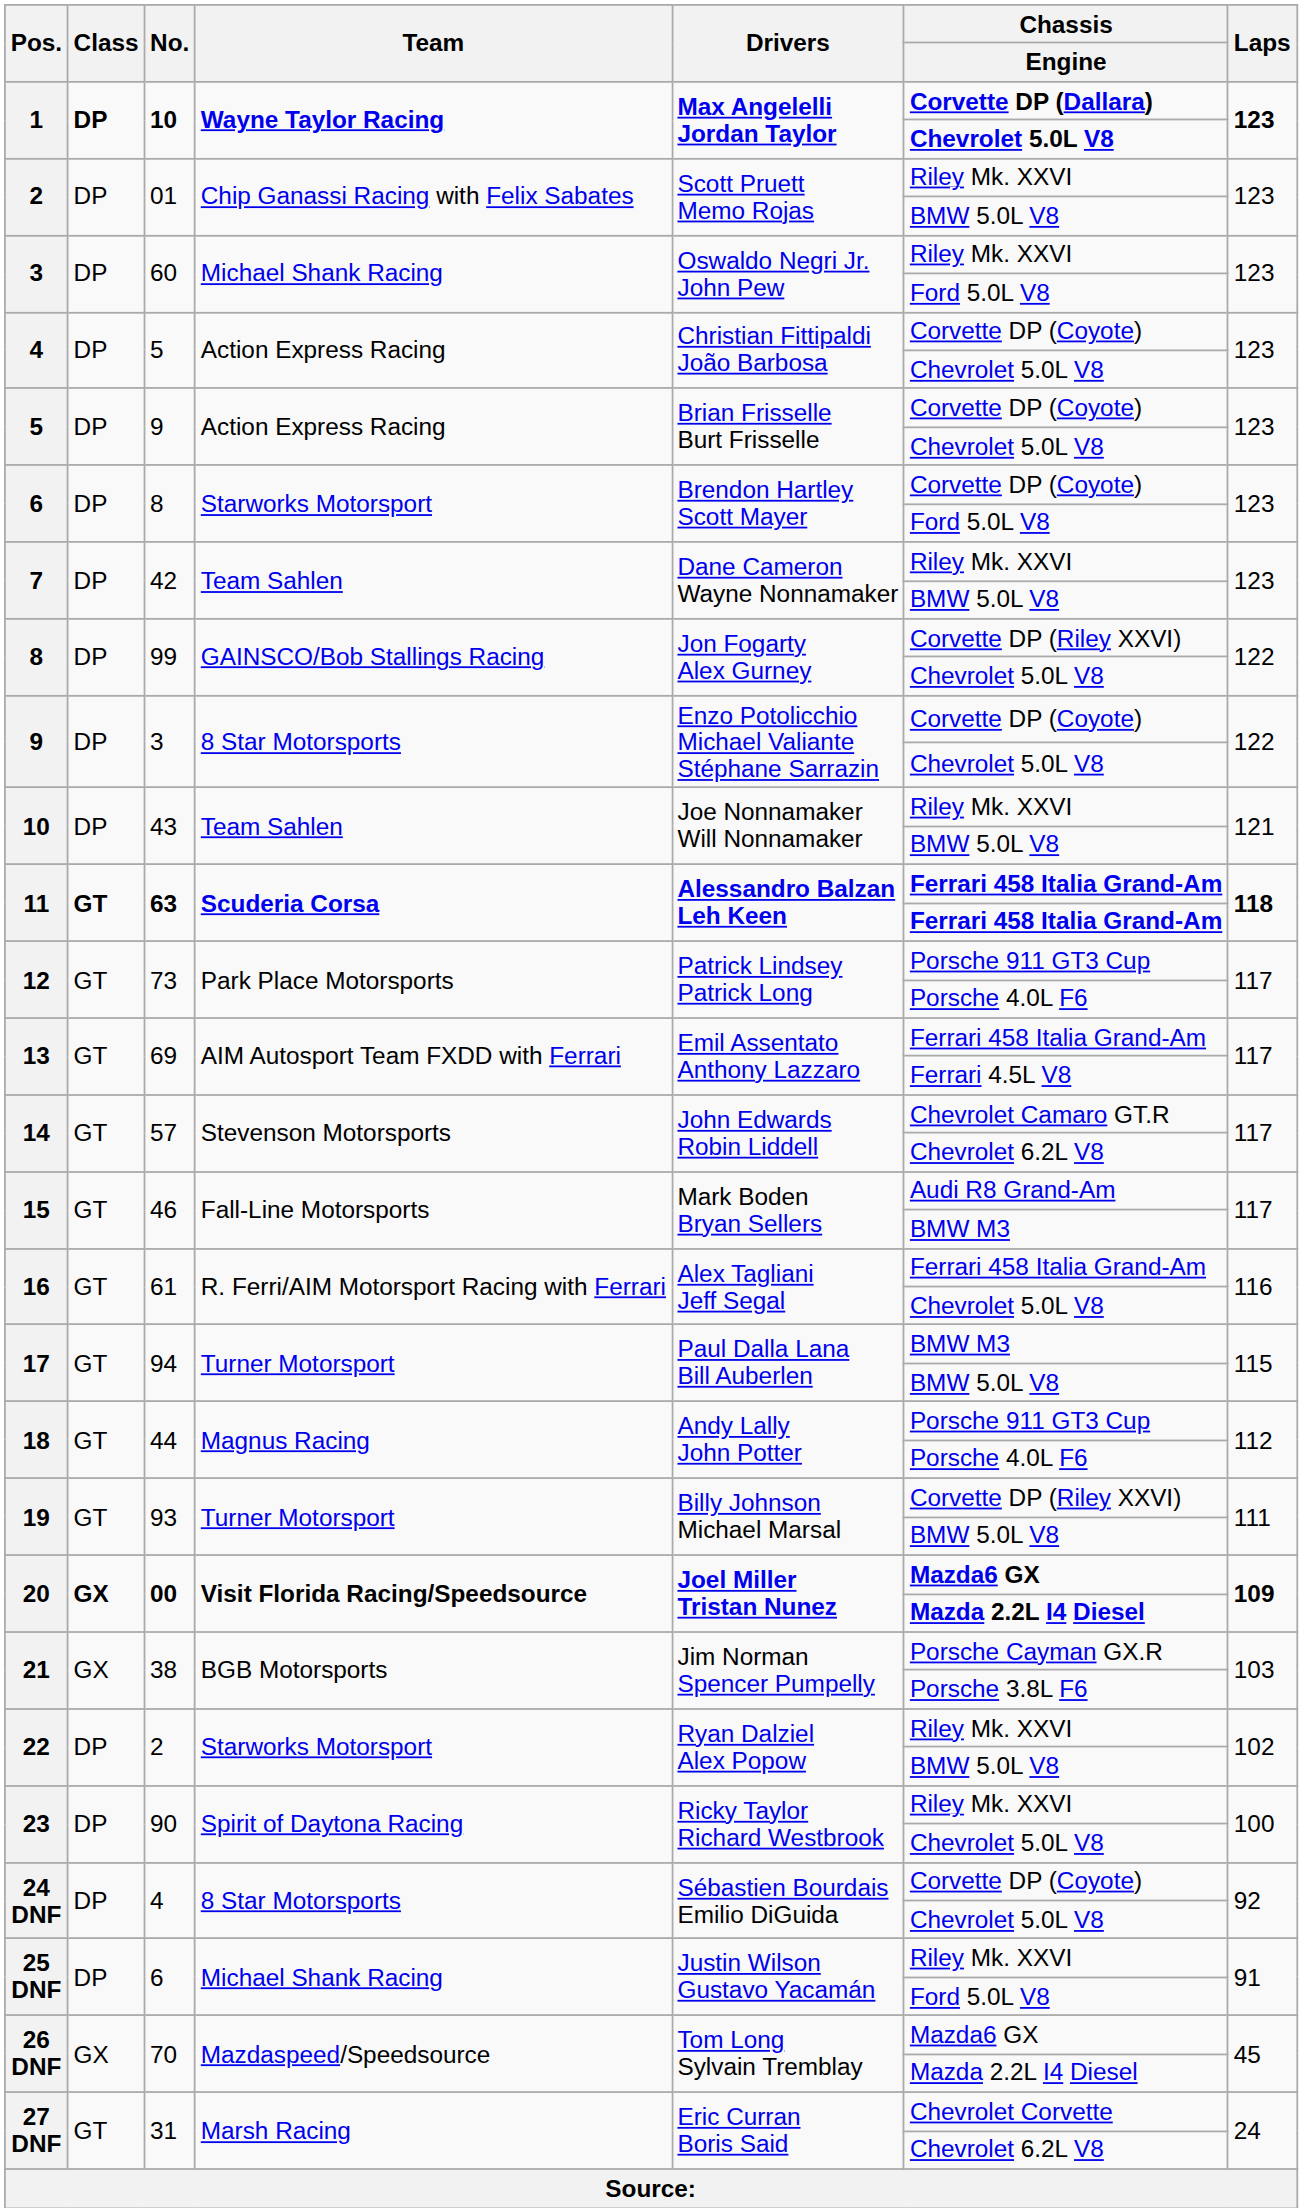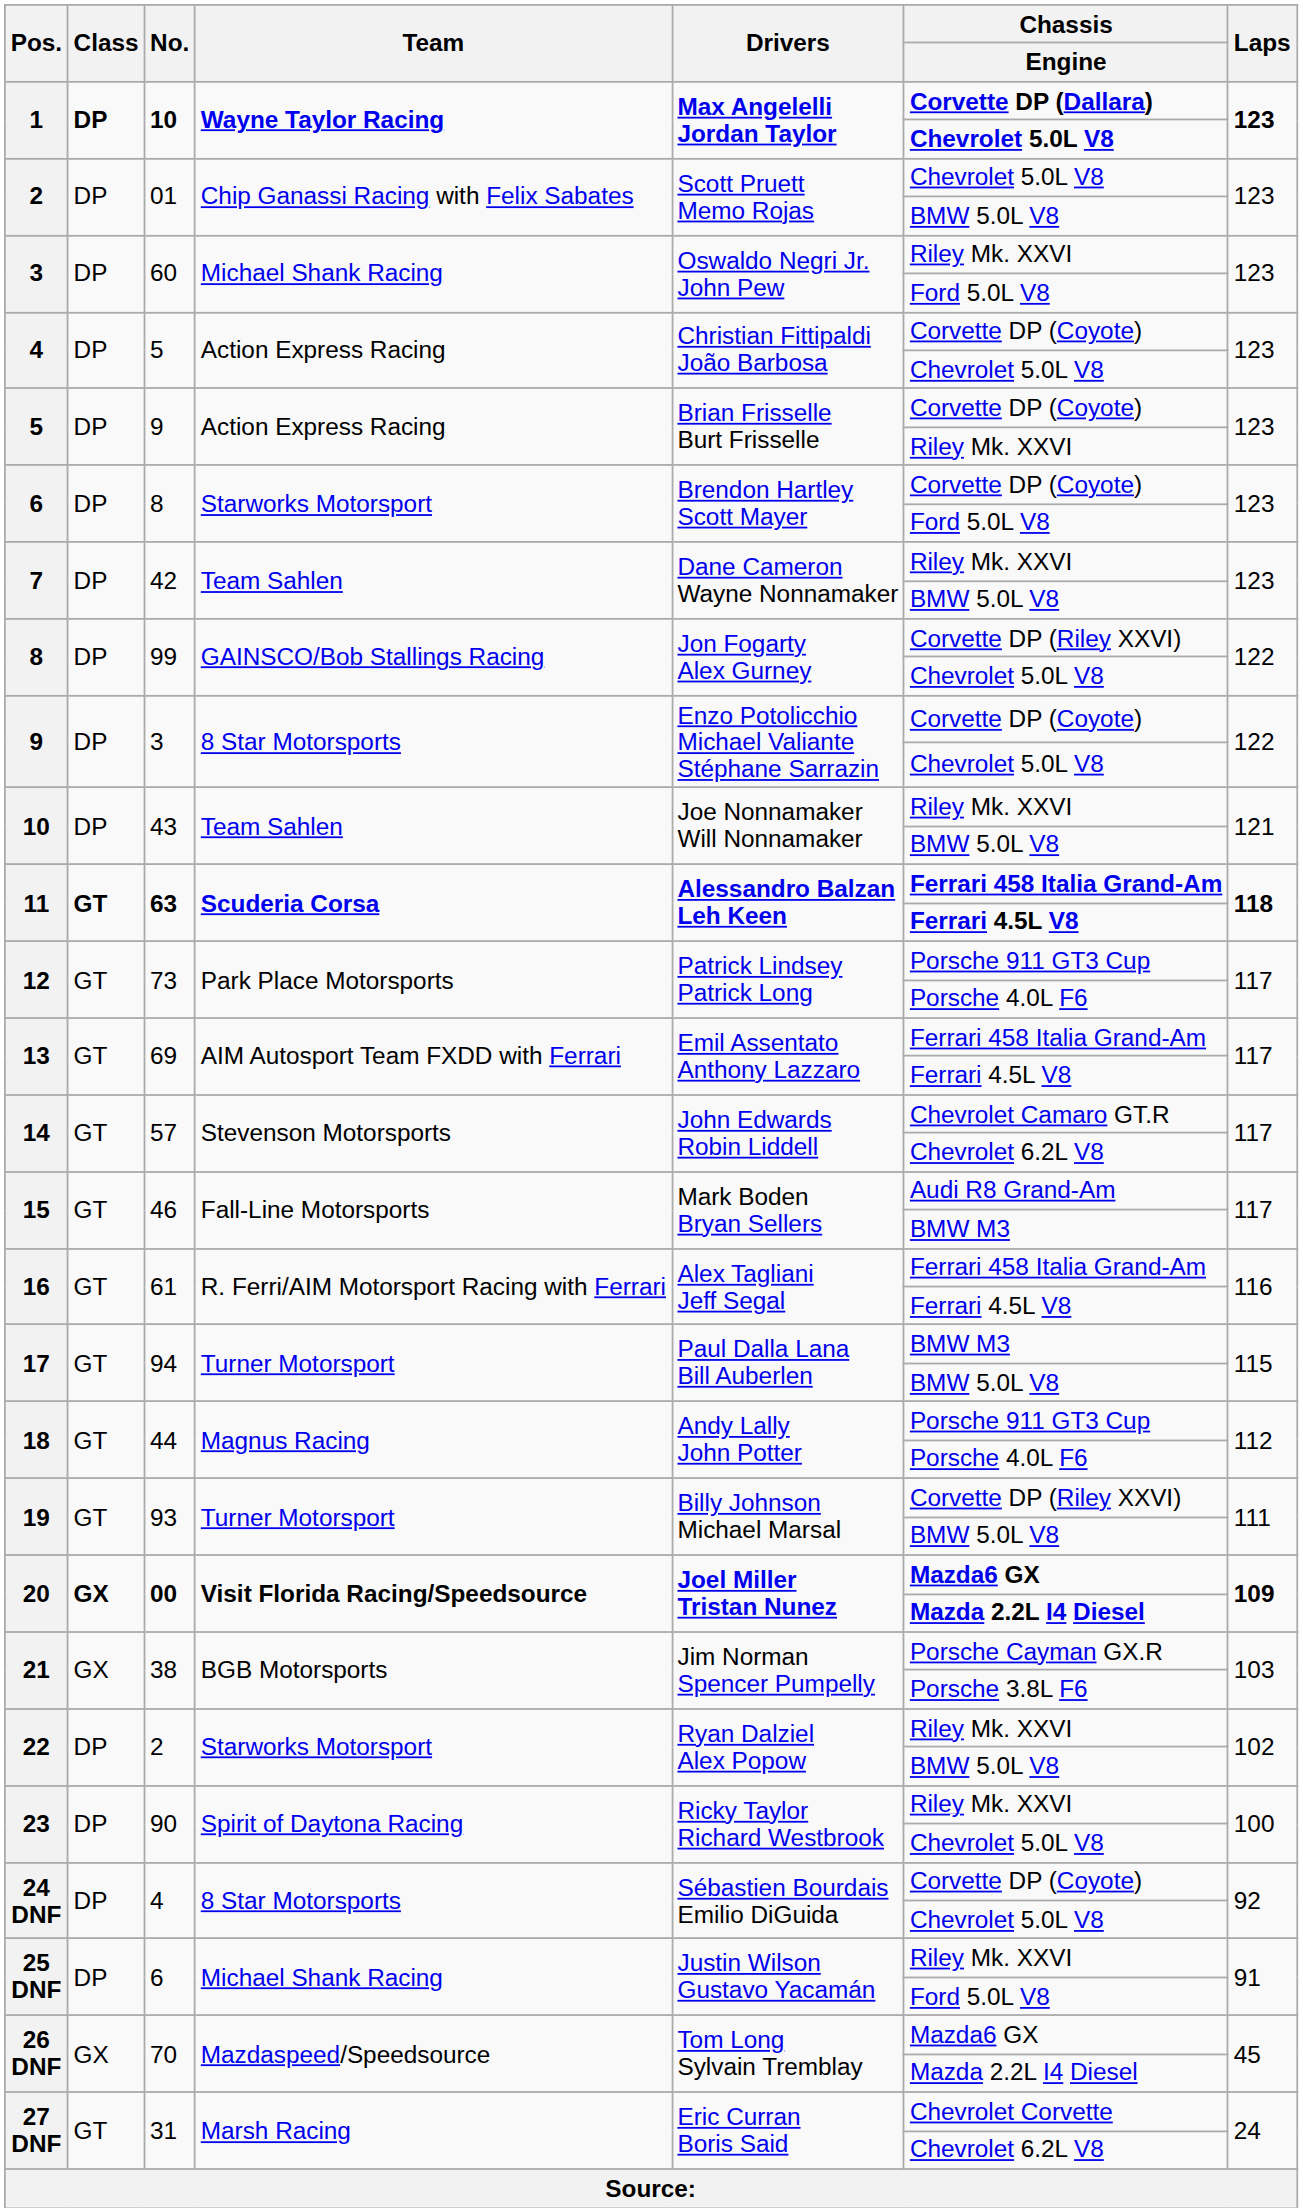 <table class="wikitable" style="font-size: 85%;">
 <tr>
 <th rowspan="2">Pos.</th>
 <th rowspan="2">Class</th>
 <th rowspan="2">No.</th>
 <th rowspan="2">Team</th>
 <th rowspan="2">Drivers</th>
 <th>Chassis</th>
 <th rowspan="2">Laps</th>
 </tr>
 <tr>
 <th>Engine</th>
 </tr>
 <tr>
 <th rowspan="2">1</th>
 <td rowspan="2"><strong>DP</strong></td>
 <td rowspan="2"><strong>10</strong></td>
 <td rowspan="2"><strong> <a href='#'>Wayne Taylor Racing</a></strong></td>
 <td rowspan="2"><strong> <a href='#'>Max Angelelli</a><br> <a href='#'>Jordan Taylor</a></strong></td>
 <td><strong><a href='#'>Corvette</a> DP (<a href='#'>Dallara</a>)</strong></td>
 <td rowspan="2"><strong>123</strong></td>
 </tr>
 <tr>
 <td><strong><a href='#'>Chevrolet</a> 5.0L <a href='#'>V8</a></strong></td>
 </tr>
 <tr>
 <th rowspan="2">2</th>
 <td rowspan="2">DP</td>
 <td rowspan="2">01</td>
 <td rowspan="2"> <a href='#'>Chip Ganassi Racing</a> with <a href='#'>Felix Sabates</a></td>
 <td rowspan="2"> <a href='#'>Scott Pruett</a><br> <a href='#'>Memo Rojas</a></td>
-<td><a href='#'>Riley</a> Mk. XXVI</td>
+<td><a href='#'>Chevrolet</a> 5.0L <a href='#'>V8</a></td>
 <td rowspan="2">123</td>
 </tr>
 <tr>
 <td><a href='#'>BMW</a> 5.0L <a href='#'>V8</a></td>
 </tr>
 <tr>
 <th rowspan="2">3</th>
 <td rowspan="2">DP</td>
 <td rowspan="2">60</td>
 <td rowspan="2"> <a href='#'>Michael Shank Racing</a></td>
 <td rowspan="2"> <a href='#'>Oswaldo Negri Jr.</a><br> <a href='#'>John Pew</a></td>
 <td><a href='#'>Riley</a> Mk. XXVI</td>
 <td rowspan="2">123</td>
 </tr>
 <tr>
 <td><a href='#'>Ford</a> 5.0L <a href='#'>V8</a></td>
 </tr>
 <tr>
 <th rowspan="2">4</th>
 <td rowspan="2">DP</td>
 <td rowspan="2">5</td>
 <td rowspan="2"> Action Express Racing</td>
 <td rowspan="2"> <a href='#'>Christian Fittipaldi</a><br> <a href='#'>João Barbosa</a></td>
 <td><a href='#'>Corvette</a> DP (<a href='#'>Coyote</a>)</td>
 <td rowspan="2">123</td>
 </tr>
 <tr>
 <td><a href='#'>Chevrolet</a> 5.0L <a href='#'>V8</a></td>
 </tr>
 <tr>
 <th rowspan="2">5</th>
 <td rowspan="2">DP</td>
 <td rowspan="2">9</td>
 <td rowspan="2"> Action Express Racing</td>
 <td rowspan="2"> <a href='#'>Brian Frisselle</a><br> Burt Frisselle</td>
 <td><a href='#'>Corvette</a> DP (<a href='#'>Coyote</a>)</td>
 <td rowspan="2">123</td>
 </tr>
 <tr>
-<td><a href='#'>Chevrolet</a> 5.0L <a href='#'>V8</a></td>
+<td><a href='#'>Riley</a> Mk. XXVI</td>
 </tr>
 <tr>
 <th rowspan="2">6</th>
 <td rowspan="2">DP</td>
 <td rowspan="2">8</td>
 <td rowspan="2"> <a href='#'>Starworks Motorsport</a></td>
 <td rowspan="2"> <a href='#'>Brendon Hartley</a><br> <a href='#'>Scott Mayer</a></td>
 <td><a href='#'>Corvette</a> DP (<a href='#'>Coyote</a>)</td>
 <td rowspan="2">123</td>
 </tr>
 <tr>
 <td><a href='#'>Ford</a> 5.0L <a href='#'>V8</a></td>
 </tr>
 <tr>
 <th rowspan="2">7</th>
 <td rowspan="2">DP</td>
 <td rowspan="2">42</td>
 <td rowspan="2"> <a href='#'>Team Sahlen</a></td>
 <td rowspan="2"> <a href='#'>Dane Cameron</a><br> Wayne Nonnamaker</td>
 <td><a href='#'>Riley</a> Mk. XXVI</td>
 <td rowspan="2">123</td>
 </tr>
 <tr>
 <td><a href='#'>BMW</a> 5.0L <a href='#'>V8</a></td>
 </tr>
 <tr>
 <th rowspan="2">8</th>
 <td rowspan="2">DP</td>
 <td rowspan="2">99</td>
 <td rowspan="2"> <a href='#'>GAINSCO/Bob Stallings Racing</a></td>
 <td rowspan="2"> <a href='#'>Jon Fogarty</a><br> <a href='#'>Alex Gurney</a></td>
 <td><a href='#'>Corvette</a> DP (<a href='#'>Riley</a> XXVI)</td>
 <td rowspan="2">122</td>
 </tr>
 <tr>
 <td><a href='#'>Chevrolet</a> 5.0L <a href='#'>V8</a></td>
 </tr>
 <tr>
 <th rowspan="2">9</th>
 <td rowspan="2">DP</td>
 <td rowspan="2">3</td>
 <td rowspan="2"> <a href='#'>8 Star Motorsports</a></td>
 <td rowspan="2"> <a href='#'>Enzo Potolicchio</a><br> <a href='#'>Michael Valiante</a><br> <a href='#'>Stéphane Sarrazin</a></td>
 <td><a href='#'>Corvette</a> DP (<a href='#'>Coyote</a>)</td>
 <td rowspan="2">122</td>
 </tr>
 <tr>
 <td><a href='#'>Chevrolet</a> 5.0L <a href='#'>V8</a></td>
 </tr>
 <tr>
 <th rowspan="2">10</th>
 <td rowspan="2">DP</td>
 <td rowspan="2">43</td>
 <td rowspan="2"> <a href='#'>Team Sahlen</a></td>
 <td rowspan="2"> Joe Nonnamaker<br> Will Nonnamaker</td>
 <td><a href='#'>Riley</a> Mk. XXVI</td>
 <td rowspan="2">121</td>
 </tr>
 <tr>
 <td><a href='#'>BMW</a> 5.0L <a href='#'>V8</a></td>
 </tr>
 <tr>
 <th rowspan="2">11</th>
 <td rowspan="2"><strong>GT</strong></td>
 <td rowspan="2"><strong>63</strong></td>
 <td rowspan="2"><strong> <a href='#'>Scuderia Corsa</a></strong></td>
 <td rowspan="2"><strong> <a href='#'>Alessandro Balzan</a><br> <a href='#'>Leh Keen</a></strong></td>
 <td><a href='#'><strong>Ferrari 458 Italia Grand-Am</strong></a></td>
 <td rowspan="2"><strong>118</strong></td>
 </tr>
 <tr>
-<td><a href='#'><strong>Ferrari 458 Italia Grand-Am</strong></a></td>
+<td><strong><a href='#'>Ferrari</a> 4.5L <a href='#'>V8</a></strong></td>
 </tr>
 <tr>
 <th rowspan="2">12</th>
 <td rowspan="2">GT</td>
 <td rowspan="2">73</td>
 <td rowspan="2"> Park Place Motorsports</td>
 <td rowspan="2"> <a href='#'>Patrick Lindsey</a><br> <a href='#'>Patrick Long</a></td>
 <td><a href='#'>Porsche 911 GT3 Cup</a></td>
 <td rowspan="2">117</td>
 </tr>
 <tr>
 <td><a href='#'>Porsche</a> 4.0L <a href='#'>F6</a></td>
 </tr>
 <tr>
 <th rowspan="2">13</th>
 <td rowspan="2">GT</td>
 <td rowspan="2">69</td>
 <td rowspan="2"> AIM Autosport Team FXDD with <a href='#'>Ferrari</a></td>
 <td rowspan="2"> <a href='#'>Emil Assentato</a><br> <a href='#'>Anthony Lazzaro</a></td>
 <td><a href='#'>Ferrari 458 Italia Grand-Am</a></td>
 <td rowspan="2">117</td>
 </tr>
 <tr>
 <td><a href='#'>Ferrari</a> 4.5L <a href='#'>V8</a></td>
 </tr>
 <tr>
 <th rowspan="2">14</th>
 <td rowspan="2">GT</td>
 <td rowspan="2">57</td>
 <td rowspan="2"> Stevenson Motorsports</td>
 <td rowspan="2"> <a href='#'>John Edwards</a><br> <a href='#'>Robin Liddell</a></td>
 <td><a href='#'>Chevrolet Camaro</a> GT.R</td>
 <td rowspan="2">117</td>
 </tr>
 <tr>
 <td><a href='#'>Chevrolet</a> 6.2L <a href='#'>V8</a></td>
 </tr>
 <tr>
 <th rowspan="2">15</th>
 <td rowspan="2">GT</td>
 <td rowspan="2">46</td>
 <td rowspan="2"> Fall-Line Motorsports</td>
 <td rowspan="2"> Mark Boden<br> <a href='#'>Bryan Sellers</a></td>
 <td><a href='#'>Audi R8 Grand-Am</a></td>
 <td rowspan="2">117</td>
 </tr>
 <tr>
 <td><a href='#'>BMW M3</a></td>
 </tr>
 <tr>
 <th rowspan="2">16</th>
 <td rowspan="2">GT</td>
 <td rowspan="2">61</td>
 <td rowspan="2"> R. Ferri/AIM Motorsport Racing with <a href='#'>Ferrari</a></td>
 <td rowspan="2"> <a href='#'>Alex Tagliani</a><br> <a href='#'>Jeff Segal</a></td>
 <td><a href='#'>Ferrari 458 Italia Grand-Am</a></td>
 <td rowspan="2">116</td>
 </tr>
 <tr>
-<td><a href='#'>Chevrolet</a> 5.0L <a href='#'>V8</a></td>
+<td><a href='#'>Ferrari</a> 4.5L <a href='#'>V8</a></td>
 </tr>
 <tr>
 <th rowspan="2">17</th>
 <td rowspan="2">GT</td>
 <td rowspan="2">94</td>
 <td rowspan="2"> <a href='#'>Turner Motorsport</a></td>
 <td rowspan="2"> <a href='#'>Paul Dalla Lana</a><br> <a href='#'>Bill Auberlen</a></td>
 <td><a href='#'>BMW M3</a></td>
 <td rowspan="2">115</td>
 </tr>
 <tr>
 <td><a href='#'>BMW</a> 5.0L <a href='#'>V8</a></td>
 </tr>
 <tr>
 <th rowspan="2">18</th>
 <td rowspan="2">GT</td>
 <td rowspan="2">44</td>
 <td rowspan="2"> <a href='#'>Magnus Racing</a></td>
 <td rowspan="2"> <a href='#'>Andy Lally</a><br> <a href='#'>John Potter</a></td>
 <td><a href='#'>Porsche 911 GT3 Cup</a></td>
 <td rowspan="2">112</td>
 </tr>
 <tr>
 <td><a href='#'>Porsche</a> 4.0L <a href='#'>F6</a></td>
 </tr>
 <tr>
 <th rowspan="2">19</th>
 <td rowspan="2">GT</td>
 <td rowspan="2">93</td>
 <td rowspan="2"> <a href='#'>Turner Motorsport</a></td>
 <td rowspan="2"> <a href='#'>Billy Johnson</a><br> Michael Marsal</td>
 <td><a href='#'>Corvette</a> DP (<a href='#'>Riley</a> XXVI)</td>
 <td rowspan="2">111</td>
 </tr>
 <tr>
 <td><a href='#'>BMW</a> 5.0L <a href='#'>V8</a></td>
 </tr>
 <tr>
 <th rowspan="2">20</th>
 <td rowspan="2"><strong>GX</strong></td>
 <td rowspan="2"><strong>00</strong></td>
 <td rowspan="2"><strong> Visit Florida Racing/Speedsource</strong></td>
 <td rowspan="2"><strong> <a href='#'>Joel Miller</a><br> <a href='#'>Tristan Nunez</a></strong></td>
 <td><strong><a href='#'>Mazda6</a> GX</strong></td>
 <td rowspan="2"><strong>109</strong></td>
 </tr>
 <tr>
 <td><strong><a href='#'>Mazda</a> 2.2L <a href='#'>I4</a> <a href='#'>Diesel</a></strong></td>
 </tr>
 <tr>
 <th rowspan="2">21</th>
 <td rowspan="2">GX</td>
 <td rowspan="2">38</td>
 <td rowspan="2"> BGB Motorsports</td>
 <td rowspan="2"> Jim Norman<br> <a href='#'>Spencer Pumpelly</a></td>
 <td><a href='#'>Porsche Cayman</a> GX.R</td>
 <td rowspan="2">103</td>
 </tr>
 <tr>
 <td><a href='#'>Porsche</a> 3.8L <a href='#'>F6</a></td>
 </tr>
 <tr>
 <th rowspan="2">22</th>
 <td rowspan="2">DP</td>
 <td rowspan="2">2</td>
 <td rowspan="2"> <a href='#'>Starworks Motorsport</a></td>
 <td rowspan="2"> <a href='#'>Ryan Dalziel</a><br> <a href='#'>Alex Popow</a></td>
 <td><a href='#'>Riley</a> Mk. XXVI</td>
 <td rowspan="2">102</td>
 </tr>
 <tr>
 <td><a href='#'>BMW</a> 5.0L <a href='#'>V8</a></td>
 </tr>
 <tr>
 <th rowspan="2">23</th>
 <td rowspan="2">DP</td>
 <td rowspan="2">90</td>
 <td rowspan="2"> <a href='#'>Spirit of Daytona Racing</a></td>
 <td rowspan="2"> <a href='#'>Ricky Taylor</a><br> <a href='#'>Richard Westbrook</a></td>
 <td><a href='#'>Riley</a> Mk. XXVI</td>
 <td rowspan="2">100</td>
 </tr>
 <tr>
 <td><a href='#'>Chevrolet</a> 5.0L <a href='#'>V8</a></td>
 </tr>
 <tr>
 <th rowspan="2">24<br>DNF</th>
 <td rowspan="2">DP</td>
 <td rowspan="2">4</td>
 <td rowspan="2"> <a href='#'>8 Star Motorsports</a></td>
 <td rowspan="2"> <a href='#'>Sébastien Bourdais</a><br> Emilio DiGuida</td>
 <td><a href='#'>Corvette</a> DP (<a href='#'>Coyote</a>)</td>
 <td rowspan="2">92</td>
 </tr>
 <tr>
 <td><a href='#'>Chevrolet</a> 5.0L <a href='#'>V8</a></td>
 </tr>
 <tr>
 <th rowspan="2">25<br>DNF</th>
 <td rowspan="2">DP</td>
 <td rowspan="2">6</td>
 <td rowspan="2"> <a href='#'>Michael Shank Racing</a></td>
 <td rowspan="2"> <a href='#'>Justin Wilson</a><br> <a href='#'>Gustavo Yacamán</a></td>
 <td><a href='#'>Riley</a> Mk. XXVI</td>
 <td rowspan="2">91</td>
 </tr>
 <tr>
 <td><a href='#'>Ford</a> 5.0L <a href='#'>V8</a></td>
 </tr>
 <tr>
 <th rowspan="2">26<br>DNF</th>
 <td rowspan="2">GX</td>
 <td rowspan="2">70</td>
 <td rowspan="2"> <a href='#'>Mazdaspeed</a>/Speedsource</td>
 <td rowspan="2"> <a href='#'>Tom Long</a><br> Sylvain Tremblay</td>
 <td><a href='#'>Mazda6</a> GX</td>
 <td rowspan="2">45</td>
 </tr>
 <tr>
 <td><a href='#'>Mazda</a> 2.2L <a href='#'>I4</a> <a href='#'>Diesel</a></td>
 </tr>
 <tr>
 <th rowspan="2">27<br>DNF</th>
 <td rowspan="2">GT</td>
 <td rowspan="2">31</td>
 <td rowspan="2"> <a href='#'>Marsh Racing</a></td>
 <td rowspan="2"> <a href='#'>Eric Curran</a><br> <a href='#'>Boris Said</a></td>
 <td><a href='#'>Chevrolet Corvette</a></td>
 <td rowspan="2">24</td>
 </tr>
 <tr>
 <td><a href='#'>Chevrolet</a> 6.2L <a href='#'>V8</a></td>
 </tr>
 <tr>
 <th colspan="7">Source:</th>
 </tr>
 </table>
